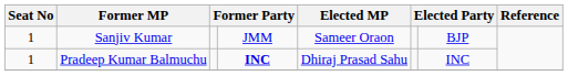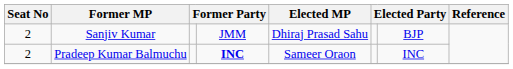 <table class="wikitable">
 <tr>
 <th>Seat No</th>
 <th>Former MP</th>
 <th colspan=2>Former Party</th>
 <th>Elected MP</th>
 <th colspan=2>Elected Party</th>
 <th>Reference</th>
 </tr>
 <tr style="text-align:center;">
-<td>1</td>
+<td>2</td>
 <td><a href='#'>Sanjiv Kumar</a></td>
 <td width="1px"></td>
 <td><a href='#'>JMM</a></td>
-<td><a href='#'>Sameer Oraon</a></td>
+<td><a href='#'>Dhiraj Prasad Sahu</a></td>
 <td width="1px"></td>
 <td><a href='#'>BJP</a></td>
 <td rowspan=2></td>
 </tr>
 <tr style="text-align:center;">
-<td>1</td>
+<td>2</td>
 <td><a href='#'>Pradeep Kumar Balmuchu</a></td>
 <td width="1px"></td>
 <td><strong><a href='#'>INC</a></strong></td>
-<td><a href='#'>Dhiraj Prasad Sahu</a></td>
+<td><a href='#'>Sameer Oraon</a></td>
 <td width="1px"></td>
 <td><a href='#'>INC</a></td>
 </tr>
 <tr>
 </tr>
 </table>
